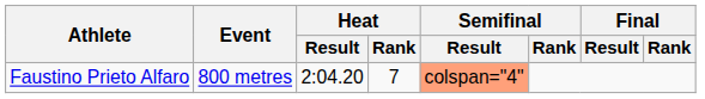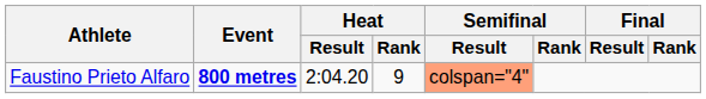 <table class="wikitable" style="font-size:90%">
 <tr>
 <th rowspan="2">Athlete</th>
 <th rowspan="2">Event</th>
 <th colspan="2">Heat</th>
 <th colspan="2">Semifinal</th>
 <th colspan="2">Final</th>
 </tr>
 <tr style="font-size:95%">
 <th>Result</th>
 <th>Rank</th>
 <th>Result</th>
 <th>Rank</th>
 <th>Result</th>
 <th>Rank</th>
 </tr>
 <tr align=center>
 <td align=left><a href='#'>Faustino Prieto Alfaro</a></td>
-<td align=left><a href='#'>800 metres</a></td>
+<td align=left><strong><a href='#'>800 metres</a></strong></td>
 <td>2:04.20 </td>
-<td>7</td>
+<td>9</td>
 <td style="background: lightsalmon;">colspan="4" </td>
 </tr>
 </table>
